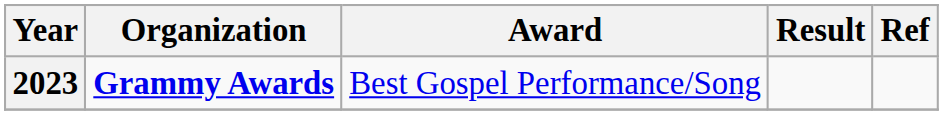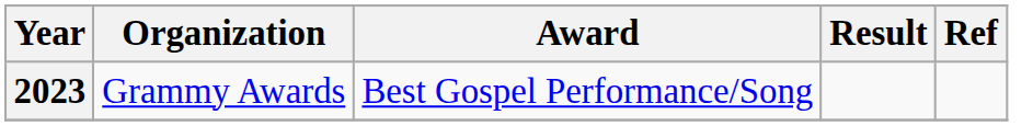 <table class="wikitable plainrowheaders">
 <tr>
 <th>Year</th>
 <th>Organization</th>
 <th>Award</th>
 <th>Result</th>
 <th style="text-align:center">Ref</th>
 </tr>
 <tr>
 <th scope="row">2023</th>
-<td><strong><a href='#'>Grammy Awards</a></strong></td>
+<td><a href='#'>Grammy Awards</a></td>
 <td><a href='#'>Best Gospel Performance/Song</a></td>
 <td></td>
 <td></td>
 </tr>
 <tr>
 </tr>
 </table>
